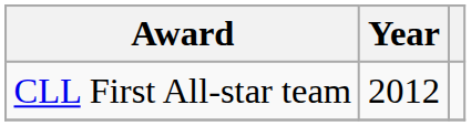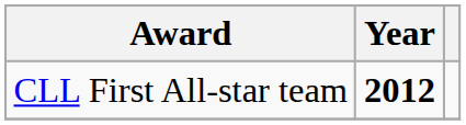 <table class="wikitable">
 <tr>
 <th>Award</th>
 <th>Year</th>
 <th></th>
 </tr>
 <tr>
 <td><a href='#'>CLL</a> First All-star team</td>
-<td>2012</td>
+<td><strong>2012</strong></td>
 <td></td>
 </tr>
 <tr>
 </tr>
 </table>
